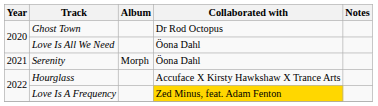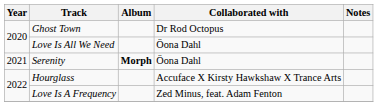 <table class="wikitable sortable">
 <tr>
 <th>Year</th>
 <th>Track</th>
 <th>Album</th>
 <th>Collaborated with</th>
 <th>Notes</th>
 </tr>
 <tr>
 <td rowspan="2">2020</td>
 <td><em>Ghost Town</em></td>
 <td></td>
 <td>Dr Rod Octopus</td>
 <td></td>
 </tr>
 <tr>
 <td><em>Love Is All We Need</em></td>
 <td></td>
 <td>Öona Dahl</td>
 <td></td>
 </tr>
 <tr>
 <td>2021</td>
 <td><em>Serenity</em></td>
-<td>Morph</td>
+<td><strong>Morph</strong></td>
 <td>Öona Dahl</td>
 <td></td>
 </tr>
 <tr>
 <td rowspan="2">2022</td>
 <td><em>Hourglass</em></td>
 <td></td>
 <td>Accuface X Kirsty Hawkshaw X Trance Arts</td>
 <td></td>
 </tr>
 <tr>
 <td><em>Love Is A Frequency</em></td>
 <td></td>
-<td style="background: gold;">Zed Minus, feat. Adam Fenton</td>
+<td>Zed Minus, feat. Adam Fenton</td>
 <td></td>
 </tr>
 <tr>
 </tr>
 </table>
